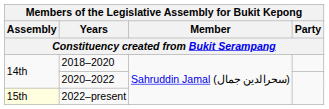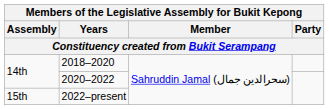 <table class="wikitable">
 <tr>
 <th colspan="4">Members of the Legislative Assembly for Bukit Kepong</th>
 </tr>
 <tr>
 <th>Assembly</th>
 <th>Years</th>
 <th>Member</th>
 <th>Party</th>
 </tr>
 <tr>
 <th colspan="4"><em>Constituency created from <a href='#'>Bukit Serampang</a></em></th>
 </tr>
 <tr>
 <td rowspan="2">14th</td>
 <td>2018–2020</td>
 <td rowspan="3"><a href='#'>Sahruddin Jamal</a> (سحرالدين جمال)</td>
 <td></td>
 </tr>
 <tr>
 <td>2020–2022</td>
 <td rowspan="2"></td>
 </tr>
 <tr>
-<td style="background: lightyellow;">15th</td>
+<td>15th</td>
 <td>2022–present</td>
 </tr>
 </table>
